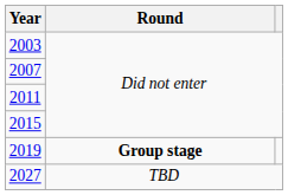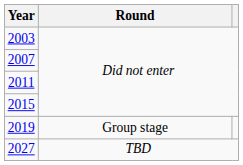 <table class="wikitable" style="text-align: center; font-size:90%">
 <tr>
 <th>Year</th>
 <th style="width:200px">Round</th>
 <th></th>
 </tr>
 <tr>
 <td><a href='#'>2003</a></td>
 <td colspan="2" rowspan="4"><em>Did not enter</em></td>
 </tr>
 <tr>
 <td><a href='#'>2007</a></td>
 </tr>
 <tr>
 <td><a href='#'>2011</a></td>
 </tr>
 <tr>
 <td><a href='#'>2015</a></td>
 </tr>
 <tr>
 <td><a href='#'>2019</a></td>
-<td><strong>Group stage</strong></td>
+<td>Group stage</td>
 <td></td>
 </tr>
 <tr>
 <td><a href='#'>2027</a></td>
 <td colspan="2"><em>TBD</em></td>
 </tr>
 </table>
